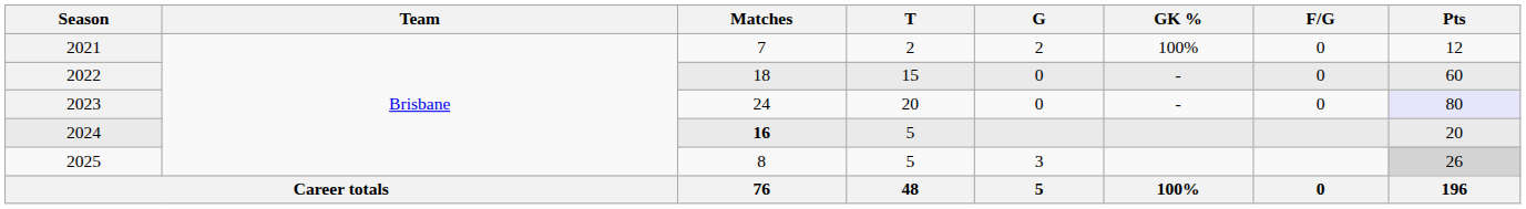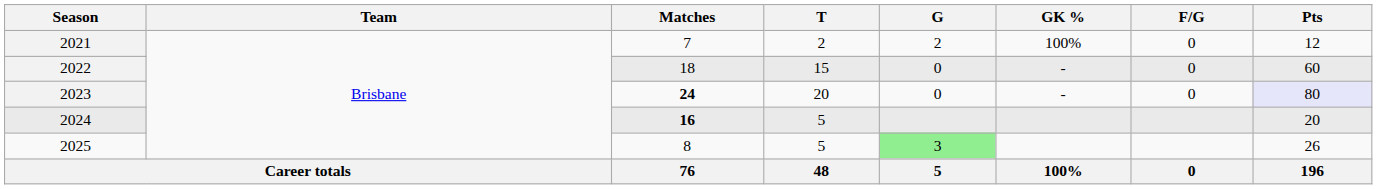 <table class="wikitable sortable" style="font-size:90%; text-align:center; width:80%;">
 <tr>
 <th width="2%">Season</th>
 <th width="8%">Team</th>
 <th width="2%">Matches</th>
 <th width="2%">T</th>
 <th width="2%">G</th>
 <th width=2%>GK %</th>
 <th width="2%">F/G</th>
 <th width="2%">Pts</th>
 </tr>
 <tr>
 <th scope="row" style="text-align:center; font-weight:normal">2021</th>
 <td rowspan="5"> <a href='#'>Brisbane</a></td>
 <td>7</td>
 <td>2</td>
 <td>2</td>
 <td>100%</td>
 <td>0</td>
 <td>12</td>
 </tr>
 <tr style="background:#eaeaea;">
 <th scope="row" style="text-align:center; font-weight:normal">2022</th>
 <td>18</td>
 <td>15</td>
 <td>0</td>
 <td>-</td>
 <td>0</td>
 <td>60</td>
 </tr>
 <tr>
 <th scope="row" style="text-align:center; font-weight:normal">2023</th>
-<td>24</td>
+<td><strong>24</strong></td>
 <td>20</td>
 <td>0</td>
 <td>-</td>
 <td>0</td>
 <td style="background: lavender;">80</td>
 </tr>
 <tr style="background:#eaeaea;">
 <td>2024</td>
 <td><strong>16</strong></td>
 <td>5</td>
 <td></td>
 <td></td>
 <td></td>
 <td>20</td>
 </tr>
 <tr>
 <td>2025</td>
 <td>8</td>
 <td>5</td>
-<td>3</td>
+<td style="background: lightgreen;">3</td>
 <td></td>
 <td></td>
-<td style="background: lightgrey;">26</td>
+<td>26</td>
 </tr>
 <tr class="sortbottom">
 <th colspan="2">Career totals</th>
 <th>76</th>
 <th>48</th>
 <th>5</th>
 <th>100%</th>
 <th>0</th>
 <th>196</th>
 </tr>
 </table>
